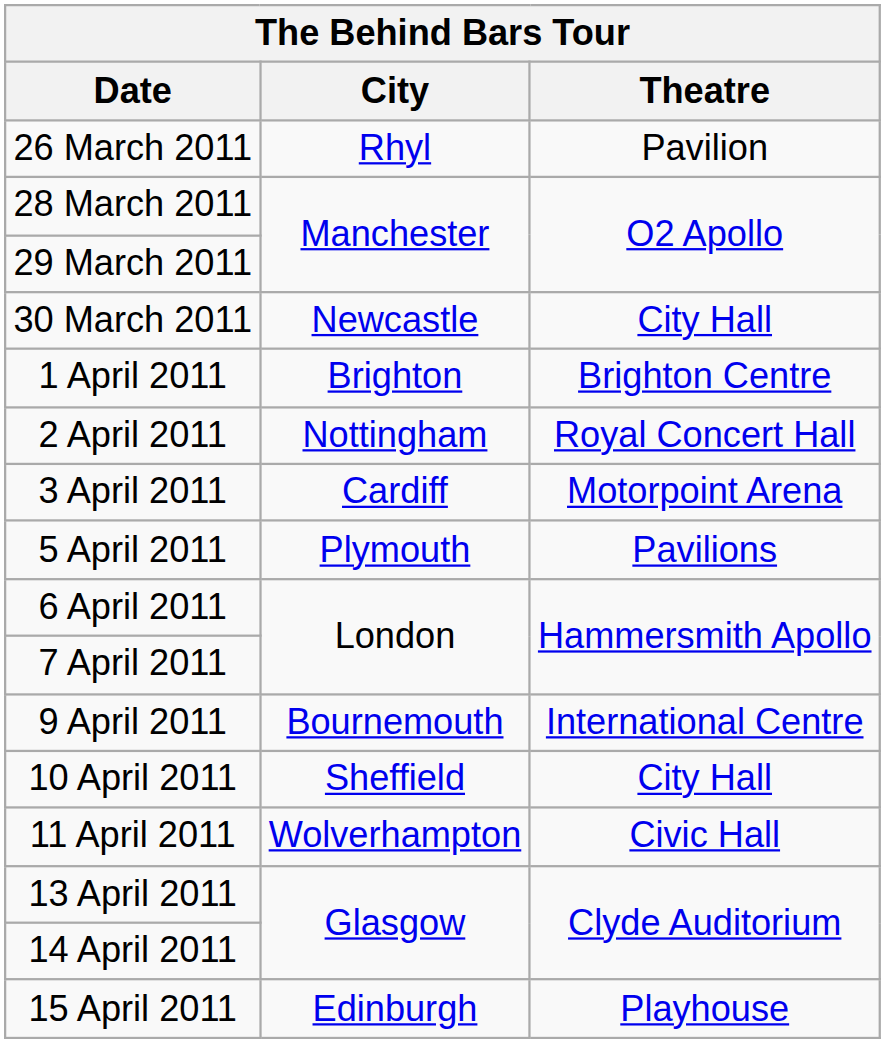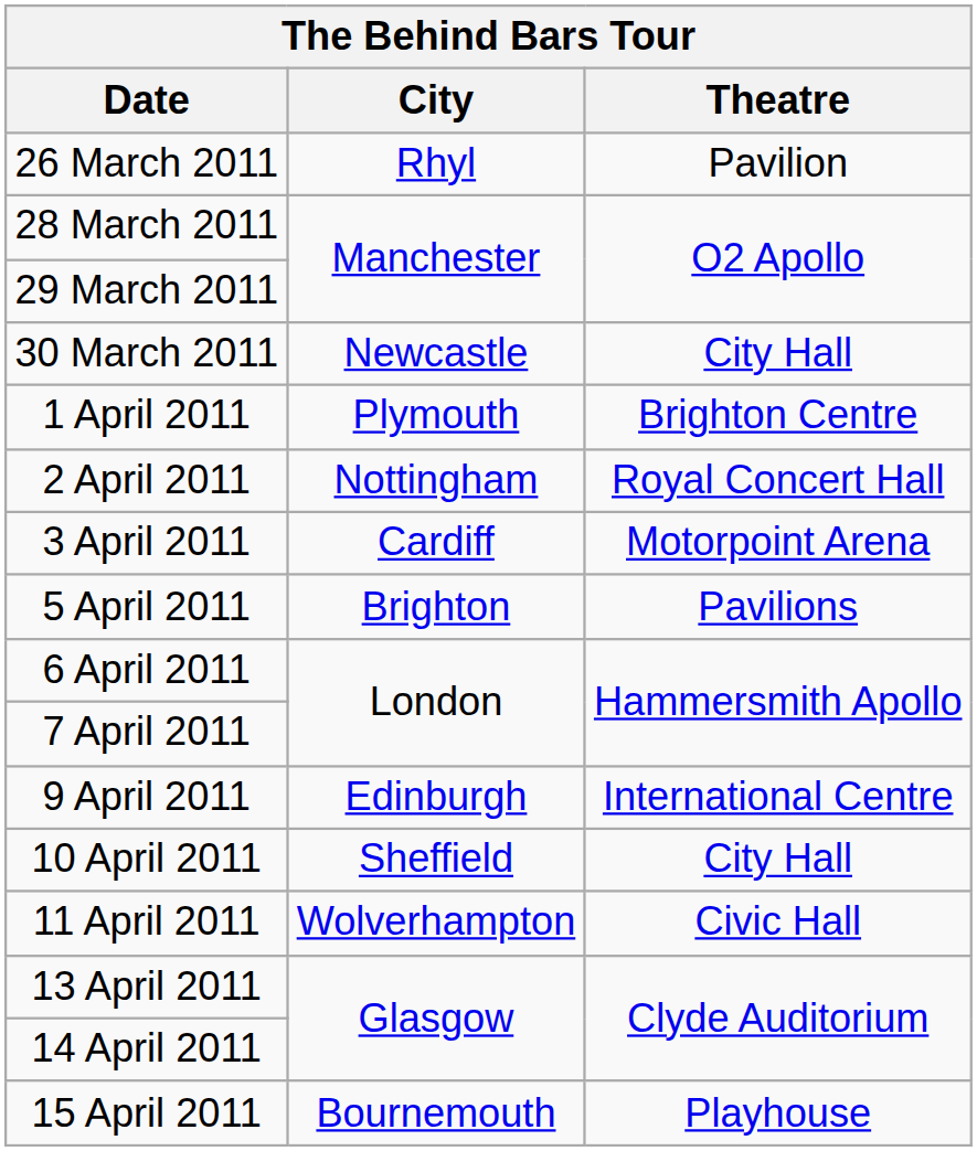 <table class="wikitable collapsible collapsed" style="text-align:center;">
 <tr>
 <th colspan=4>The Behind Bars Tour</th>
 </tr>
 <tr>
 <th>Date</th>
 <th>City</th>
 <th>Theatre</th>
 </tr>
 <tr>
 <td>26 March 2011</td>
 <td><a href='#'>Rhyl</a></td>
 <td>Pavilion</td>
 </tr>
 <tr>
 <td>28 March 2011</td>
 <td rowspan="2"><a href='#'>Manchester</a></td>
 <td rowspan="2"><a href='#'>O2 Apollo</a></td>
 </tr>
 <tr>
 <td>29 March 2011</td>
 </tr>
 <tr>
 <td>30 March 2011</td>
 <td><a href='#'>Newcastle</a></td>
 <td><a href='#'>City Hall</a></td>
 </tr>
 <tr>
 <td>1 April 2011</td>
-<td><a href='#'>Brighton</a></td>
+<td><a href='#'>Plymouth</a></td>
 <td><a href='#'>Brighton Centre</a></td>
 </tr>
 <tr>
 <td>2 April 2011</td>
 <td><a href='#'>Nottingham</a></td>
 <td><a href='#'>Royal Concert Hall</a></td>
 </tr>
 <tr>
 <td>3 April 2011</td>
 <td><a href='#'>Cardiff</a></td>
 <td><a href='#'>Motorpoint Arena</a></td>
 </tr>
 <tr>
 <td>5 April 2011</td>
-<td><a href='#'>Plymouth</a></td>
+<td><a href='#'>Brighton</a></td>
 <td><a href='#'>Pavilions</a></td>
 </tr>
 <tr>
 <td>6 April 2011</td>
 <td rowspan="2">London</td>
 <td rowspan="2"><a href='#'>Hammersmith Apollo</a></td>
 </tr>
 <tr>
 <td>7 April 2011</td>
 </tr>
 <tr>
 <td>9 April 2011</td>
-<td><a href='#'>Bournemouth</a></td>
+<td><a href='#'>Edinburgh</a></td>
 <td><a href='#'>International Centre</a></td>
 </tr>
 <tr>
 <td>10 April 2011</td>
 <td><a href='#'>Sheffield</a></td>
 <td><a href='#'>City Hall</a></td>
 </tr>
 <tr>
 <td>11 April 2011</td>
 <td><a href='#'>Wolverhampton</a></td>
 <td><a href='#'>Civic Hall</a></td>
 </tr>
 <tr>
 <td>13 April 2011</td>
 <td rowspan="2"><a href='#'>Glasgow</a></td>
 <td rowspan="2"><a href='#'>Clyde Auditorium</a></td>
 </tr>
 <tr>
 <td>14 April 2011</td>
 </tr>
 <tr>
 <td>15 April 2011</td>
-<td><a href='#'>Edinburgh</a></td>
+<td><a href='#'>Bournemouth</a></td>
 <td><a href='#'>Playhouse</a></td>
 </tr>
 </table>
